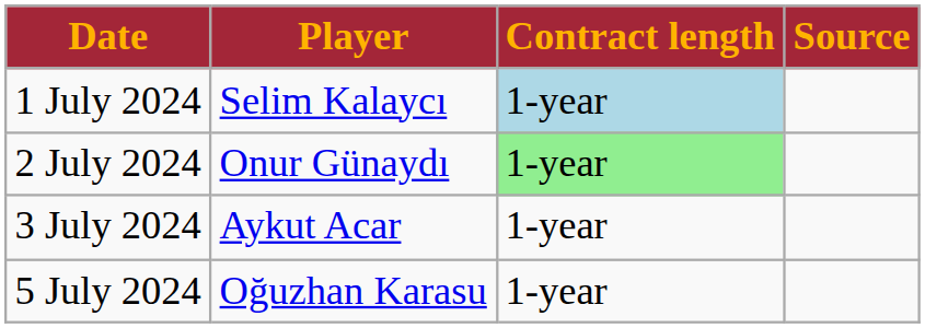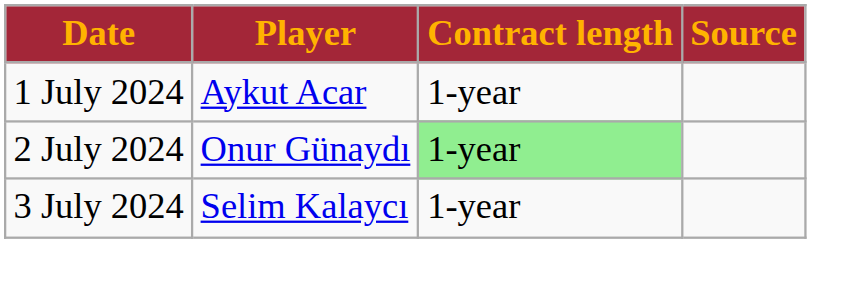 <table class="wikitable plainrowheaders sortable">
 <tr>
 <th style="background:#A32638; color:#FFB300; ">Date</th>
 <th style="background:#A32638; color:#FFB300; ">Player</th>
 <th style="background:#A32638; color:#FFB300; ">Contract length</th>
 <th style="background:#A32638; color:#FFB300; ">Source</th>
 </tr>
 <tr>
 <td>1 July 2024</td>
-<td align=left> <a href='#'>Selim Kalaycı</a></td>
-<td style="background: lightblue;">1-year</td>
+<td align=left> <a href='#'>Aykut Acar</a></td>
+<td>1-year</td>
 <td></td>
 </tr>
 <tr>
 <td>2 July 2024</td>
 <td align=left> <a href='#'>Onur Günaydı</a></td>
 <td style="background: lightgreen;">1-year</td>
 <td></td>
 </tr>
 <tr>
 <td>3 July 2024</td>
-<td align=left> <a href='#'>Aykut Acar</a></td>
-<td>1-year</td>
-<td></td>
-</tr>
-<tr>
-<td>5 July 2024</td>
-<td align=left> <a href='#'>Oğuzhan Karasu</a></td>
+<td align=left> <a href='#'>Selim Kalaycı</a></td>
 <td>1-year</td>
 <td></td>
 </tr>
 </table>
